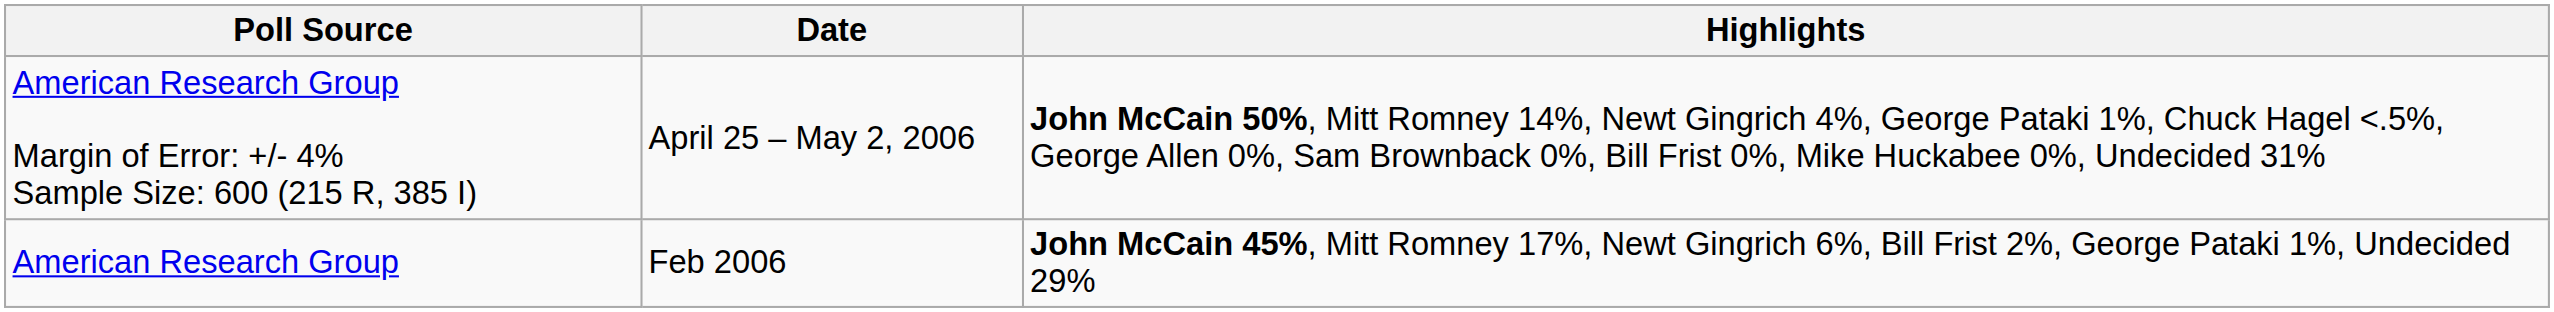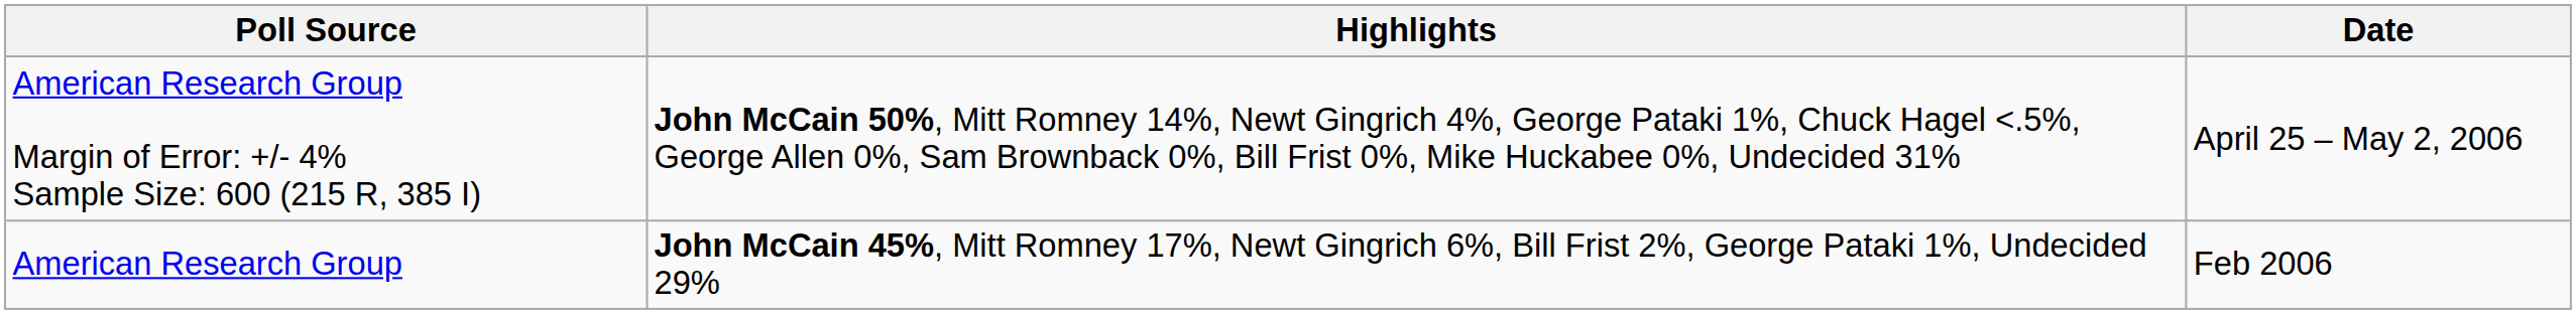 <table class="wikitable sortable">
 <tr>
 <th width="25%">Poll Source</th>
+<th width="60%">Highlights</th>
 <th width="15%">Date</th>
-<th width="60%">Highlights</th>
 </tr>
 <tr>
 <td><a href='#'>American Research Group</a><br><br>Margin of Error: +/- 4%<br> Sample Size: 600 (215 R, 385 I)</td>
+<td><strong>John McCain 50%</strong>, Mitt Romney 14%, Newt Gingrich 4%, George Pataki 1%, Chuck Hagel <.5%, George Allen 0%, Sam Brownback 0%, Bill Frist 0%, Mike Huckabee 0%, Undecided 31%</td>
 <td>April 25 – May 2, 2006</td>
-<td><strong>John McCain 50%</strong>, Mitt Romney 14%, Newt Gingrich 4%, George Pataki 1%, Chuck Hagel <.5%, George Allen 0%, Sam Brownback 0%, Bill Frist 0%, Mike Huckabee 0%, Undecided 31%</td>
 </tr>
 <tr>
 <td><a href='#'>American Research Group</a></td>
+<td><strong>John McCain 45%</strong>, Mitt Romney 17%, Newt Gingrich 6%, Bill Frist 2%, George Pataki 1%, Undecided 29%</td>
 <td>Feb 2006</td>
-<td><strong>John McCain 45%</strong>, Mitt Romney 17%, Newt Gingrich 6%, Bill Frist 2%, George Pataki 1%, Undecided 29%</td>
 </tr>
 </table>
